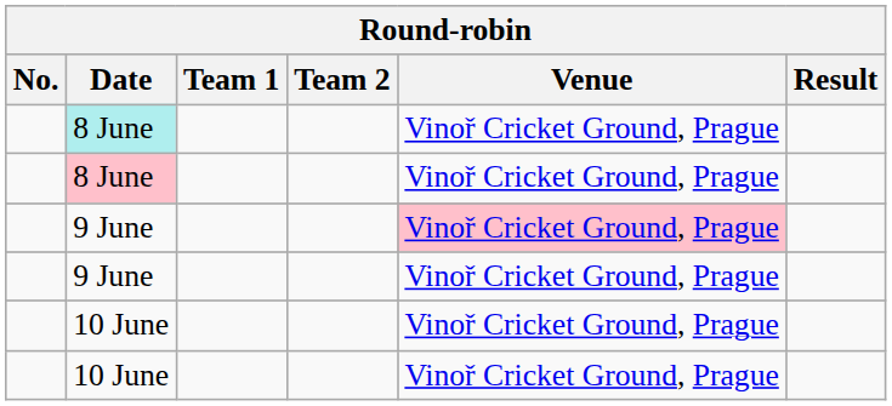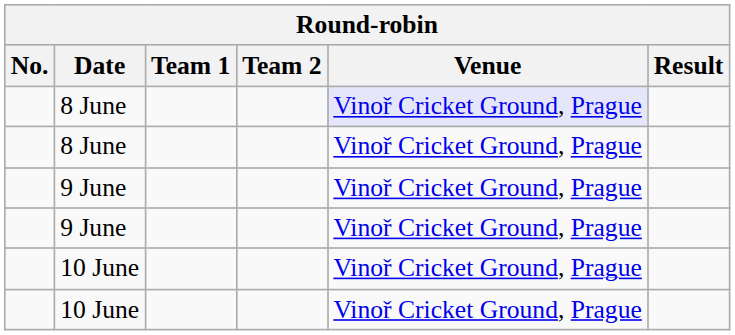 <table class="wikitable">
 <tr>
 <th colspan="6">Round-robin</th>
 </tr>
 <tr>
 <th>No.</th>
 <th>Date</th>
 <th>Team 1</th>
 <th>Team 2</th>
 <th>Venue</th>
 <th>Result</th>
 </tr>
 <tr>
 <td></td>
-<td style="background: paleturquoise;">8 June</td>
+<td>8 June</td>
 <td></td>
 <td></td>
-<td><a href='#'>Vinoř Cricket Ground</a>, <a href='#'>Prague</a></td>
+<td style="background: lavender;"><a href='#'>Vinoř Cricket Ground</a>, <a href='#'>Prague</a></td>
 <td></td>
 </tr>
 <tr>
 <td></td>
-<td style="background: pink;">8 June</td>
+<td>8 June</td>
 <td></td>
 <td></td>
 <td><a href='#'>Vinoř Cricket Ground</a>, <a href='#'>Prague</a></td>
 <td></td>
 </tr>
 <tr>
 <td></td>
 <td>9 June</td>
 <td></td>
 <td></td>
-<td style="background: pink;"><a href='#'>Vinoř Cricket Ground</a>, <a href='#'>Prague</a></td>
+<td><a href='#'>Vinoř Cricket Ground</a>, <a href='#'>Prague</a></td>
 <td></td>
 </tr>
 <tr>
 <td></td>
 <td>9 June</td>
 <td></td>
 <td></td>
 <td><a href='#'>Vinoř Cricket Ground</a>, <a href='#'>Prague</a></td>
 <td></td>
 </tr>
 <tr>
 <td></td>
 <td>10 June</td>
 <td></td>
 <td></td>
 <td><a href='#'>Vinoř Cricket Ground</a>, <a href='#'>Prague</a></td>
 <td></td>
 </tr>
 <tr>
 <td></td>
 <td>10 June</td>
 <td></td>
 <td></td>
 <td><a href='#'>Vinoř Cricket Ground</a>, <a href='#'>Prague</a></td>
 <td></td>
 </tr>
 </table>
